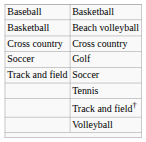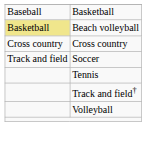 <table class="wikitable" style="float:right; clear:right; margin:0 0 1em 1em;">
 <tr>
 </tr>
 <tr>
 <td>Baseball</td>
 <td>Basketball</td>
 </tr>
 <tr>
-<td>Basketball</td>
+<td style="background: khaki;">Basketball</td>
 <td>Beach volleyball</td>
 </tr>
 <tr>
 <td>Cross country</td>
 <td>Cross country</td>
-</tr>
-<tr>
-<td>Soccer</td>
-<td>Golf</td>
 </tr>
 <tr>
 <td>Track and field</td>
 <td>Soccer</td>
 </tr>
 <tr>
 <td></td>
 <td>Tennis</td>
 </tr>
 <tr>
 <td></td>
 <td>Track and field<sup>†</sup></td>
 </tr>
 <tr>
 <td></td>
 <td>Volleyball</td>
 </tr>
 <tr>
 <td colspan="2"></td>
 </tr>
 </table>
